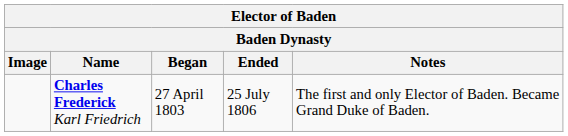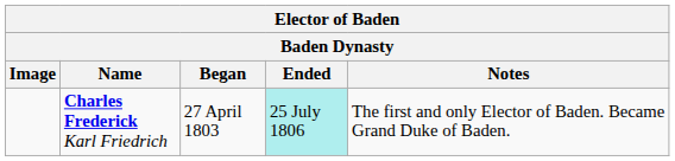 <table class="wikitable">
 <tr>
 <th colspan=5>Elector of Baden</th>
 </tr>
 <tr>
 <th colspan=5>Baden Dynasty</th>
 </tr>
 <tr>
 <th>Image</th>
 <th>Name<br></th>
 <th>Began</th>
 <th>Ended</th>
 <th>Notes</th>
 </tr>
 <tr>
 <td></td>
 <td><strong><a href='#'>Charles Frederick</a></strong><br><em>Karl Friedrich</em><br></td>
 <td>27 April 1803</td>
-<td>25 July 1806</td>
+<td style="background: paleturquoise;">25 July 1806</td>
 <td>The first and only Elector of Baden. Became Grand Duke of Baden.</td>
 </tr>
 </table>
